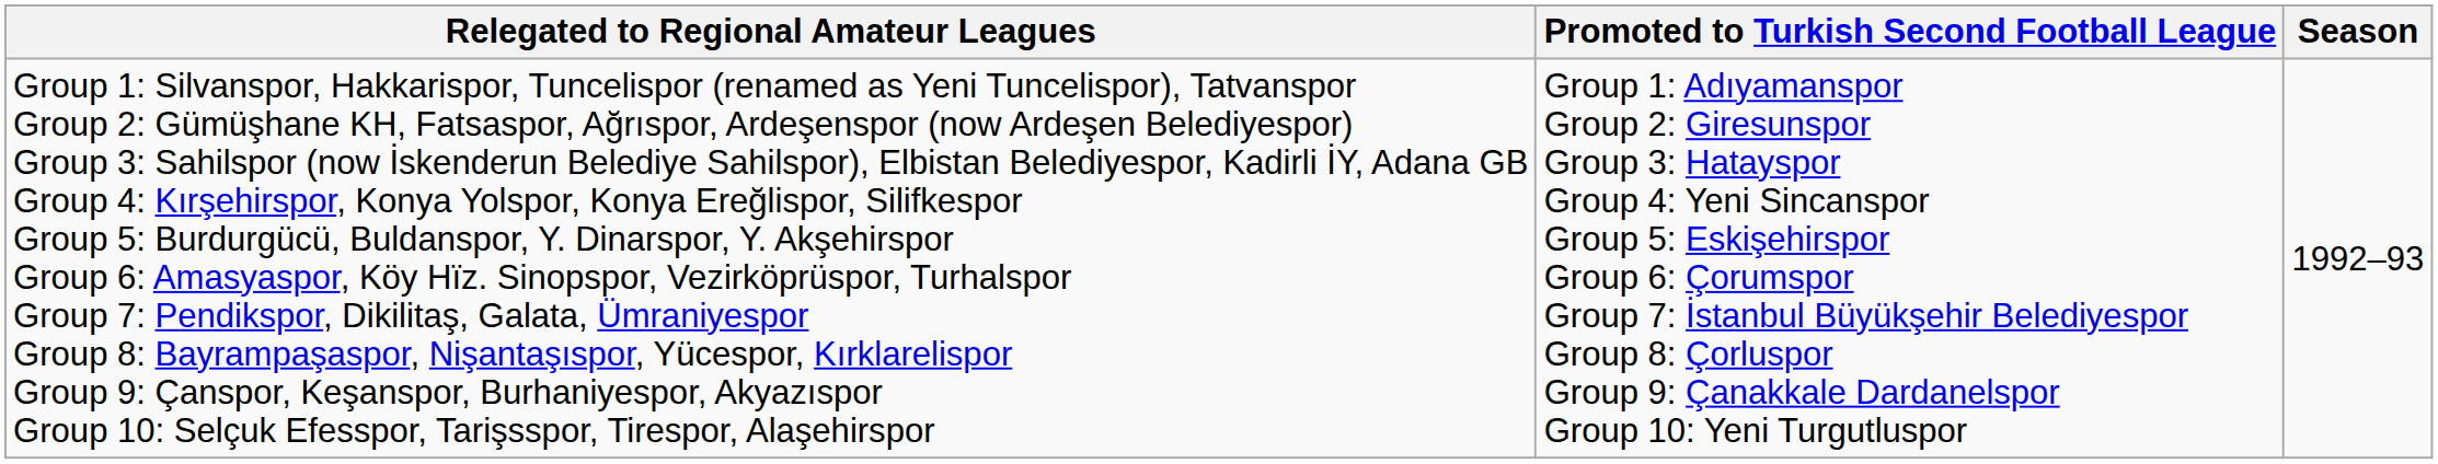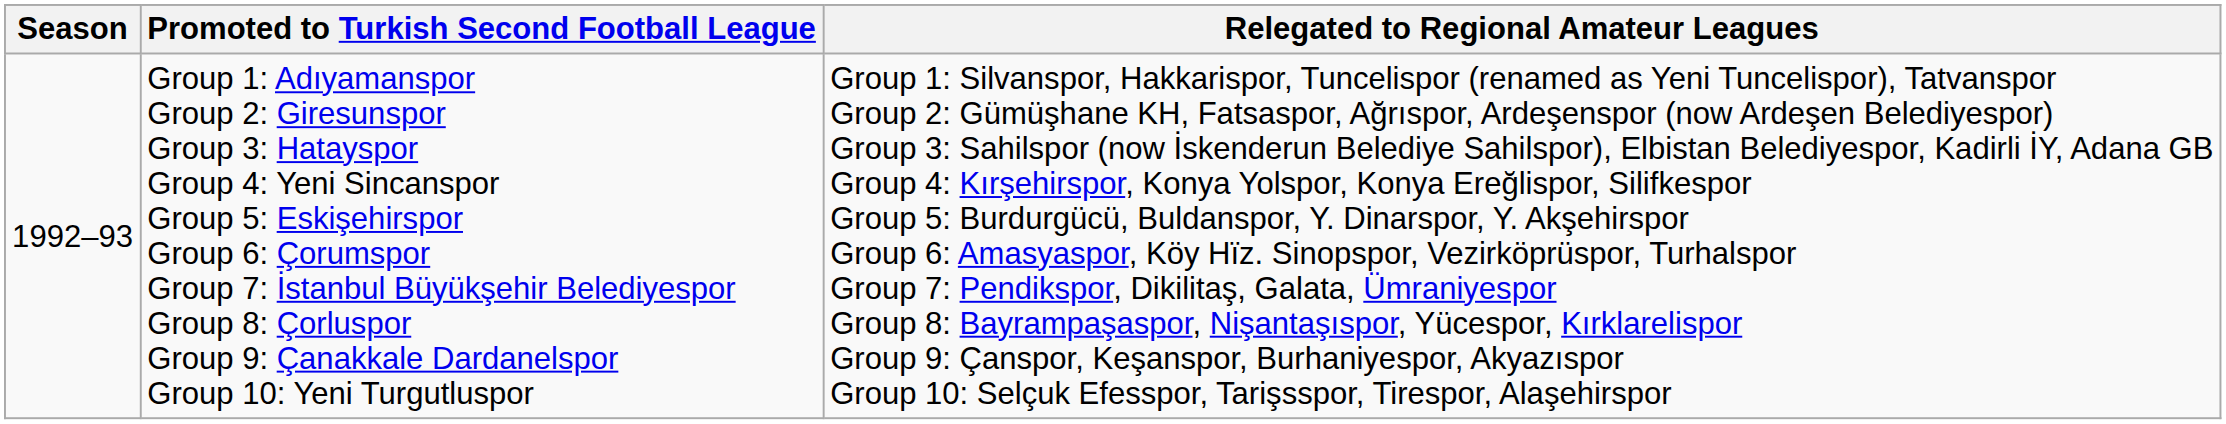 <table class="wikitable">
 <tr>
+<th>Season</th>
+<th>Promoted to <a href='#'>Turkish Second Football League</a></th>
 <th>Relegated to Regional Amateur Leagues</th>
-<th>Promoted to <a href='#'>Turkish Second Football League</a></th>
-<th>Season</th>
 </tr>
 <tr>
+<td>1992–93</td>
+<td>Group 1: <a href='#'>Adıyamanspor</a><br>Group 2: <a href='#'>Giresunspor</a><br>Group 3: <a href='#'>Hatayspor</a><br>Group 4: Yeni Sincanspor<br>Group 5: <a href='#'>Eskişehirspor</a><br>Group 6: <a href='#'>Çorumspor</a><br>Group 7: <a href='#'>İstanbul Büyükşehir Belediyespor</a><br>Group 8: <a href='#'>Çorluspor</a><br>Group 9: <a href='#'>Çanakkale Dardanelspor</a><br>Group 10: Yeni Turgutluspor</td>
 <td>Group 1: Silvanspor, Hakkarispor, Tuncelispor (renamed as Yeni Tuncelispor), Tatvanspor<br>Group 2: Gümüşhane KH, Fatsaspor, Ağrıspor, Ardeşenspor (now Ardeşen Belediyespor)<br>Group 3: Sahilspor (now İskenderun Belediye Sahilspor), Elbistan Belediyespor, Kadirli İY, Adana GB<br>Group 4: <a href='#'>Kırşehirspor</a>, Konya Yolspor, Konya Ereğlispor, Silifkespor<br>Group 5: Burdurgücü, Buldanspor, Y. Dinarspor, Y. Akşehirspor<br>Group 6: <a href='#'>Amasyaspor</a>, Köy Hïz. Sinopspor, Vezirköprüspor, Turhalspor<br>Group 7: <a href='#'>Pendikspor</a>, Dikilitaş, Galata, <a href='#'>Ümraniyespor</a><br>Group 8: <a href='#'>Bayrampaşaspor</a>, <a href='#'>Nişantaşıspor</a>, Yücespor, <a href='#'>Kırklarelispor</a><br>Group 9: Çanspor, Keşanspor, Burhaniyespor, Akyazıspor<br>Group 10: Selçuk Efesspor, Tarişsspor, Tirespor, Alaşehirspor</td>
-<td>Group 1: <a href='#'>Adıyamanspor</a><br>Group 2: <a href='#'>Giresunspor</a><br>Group 3: <a href='#'>Hatayspor</a><br>Group 4: Yeni Sincanspor<br>Group 5: <a href='#'>Eskişehirspor</a><br>Group 6: <a href='#'>Çorumspor</a><br>Group 7: <a href='#'>İstanbul Büyükşehir Belediyespor</a><br>Group 8: <a href='#'>Çorluspor</a><br>Group 9: <a href='#'>Çanakkale Dardanelspor</a><br>Group 10: Yeni Turgutluspor</td>
-<td>1992–93</td>
 </tr>
 </table>
